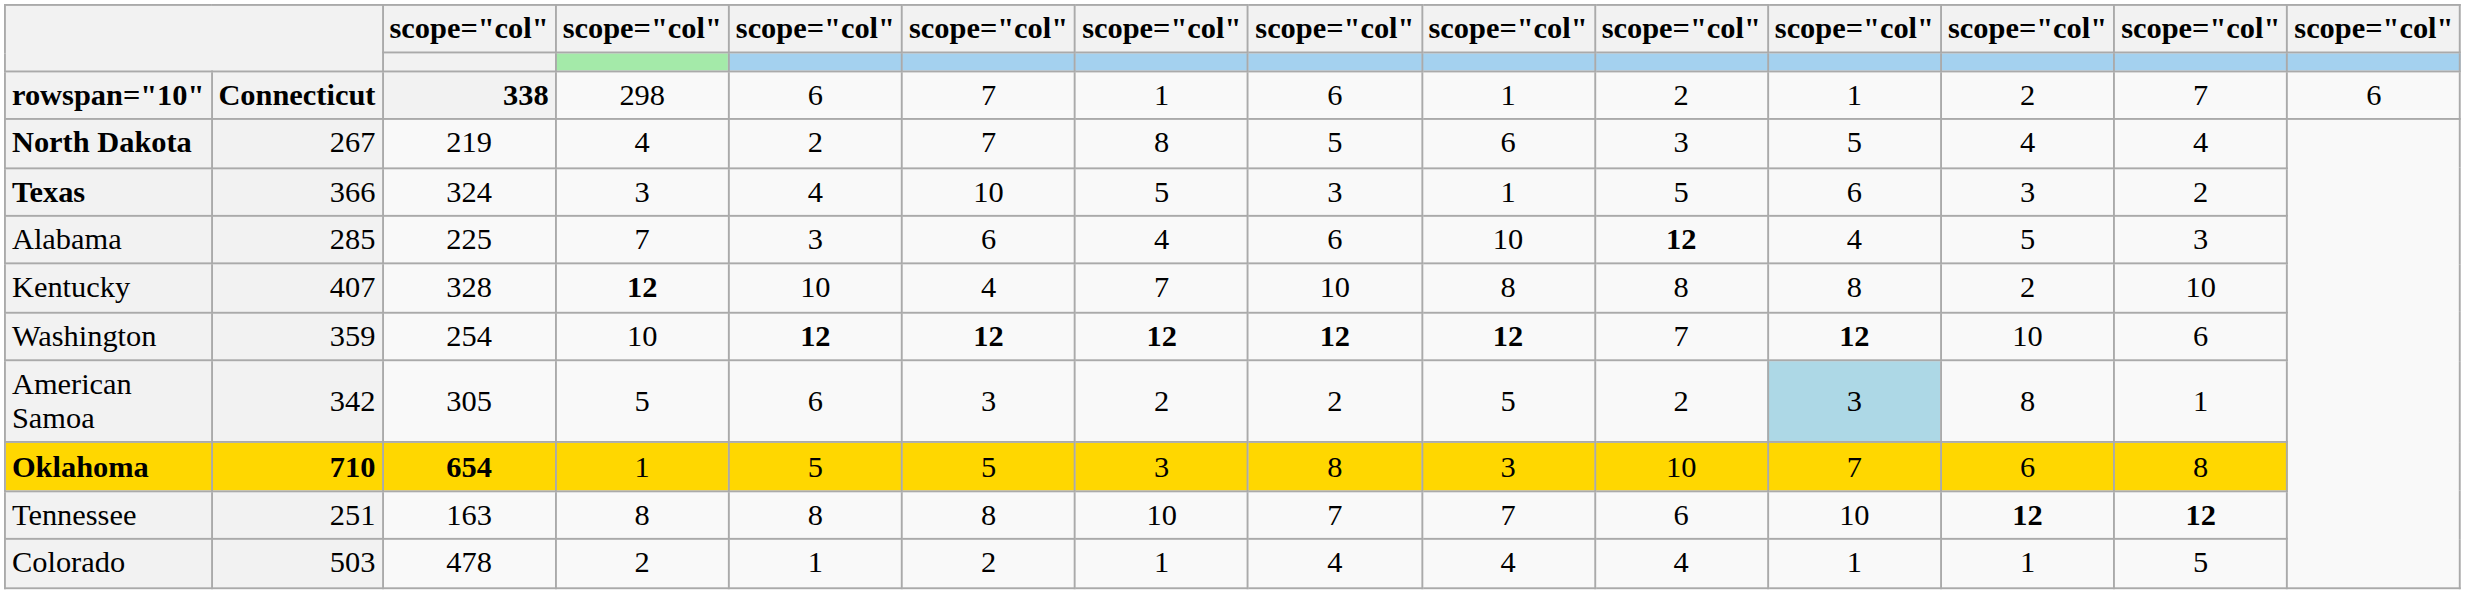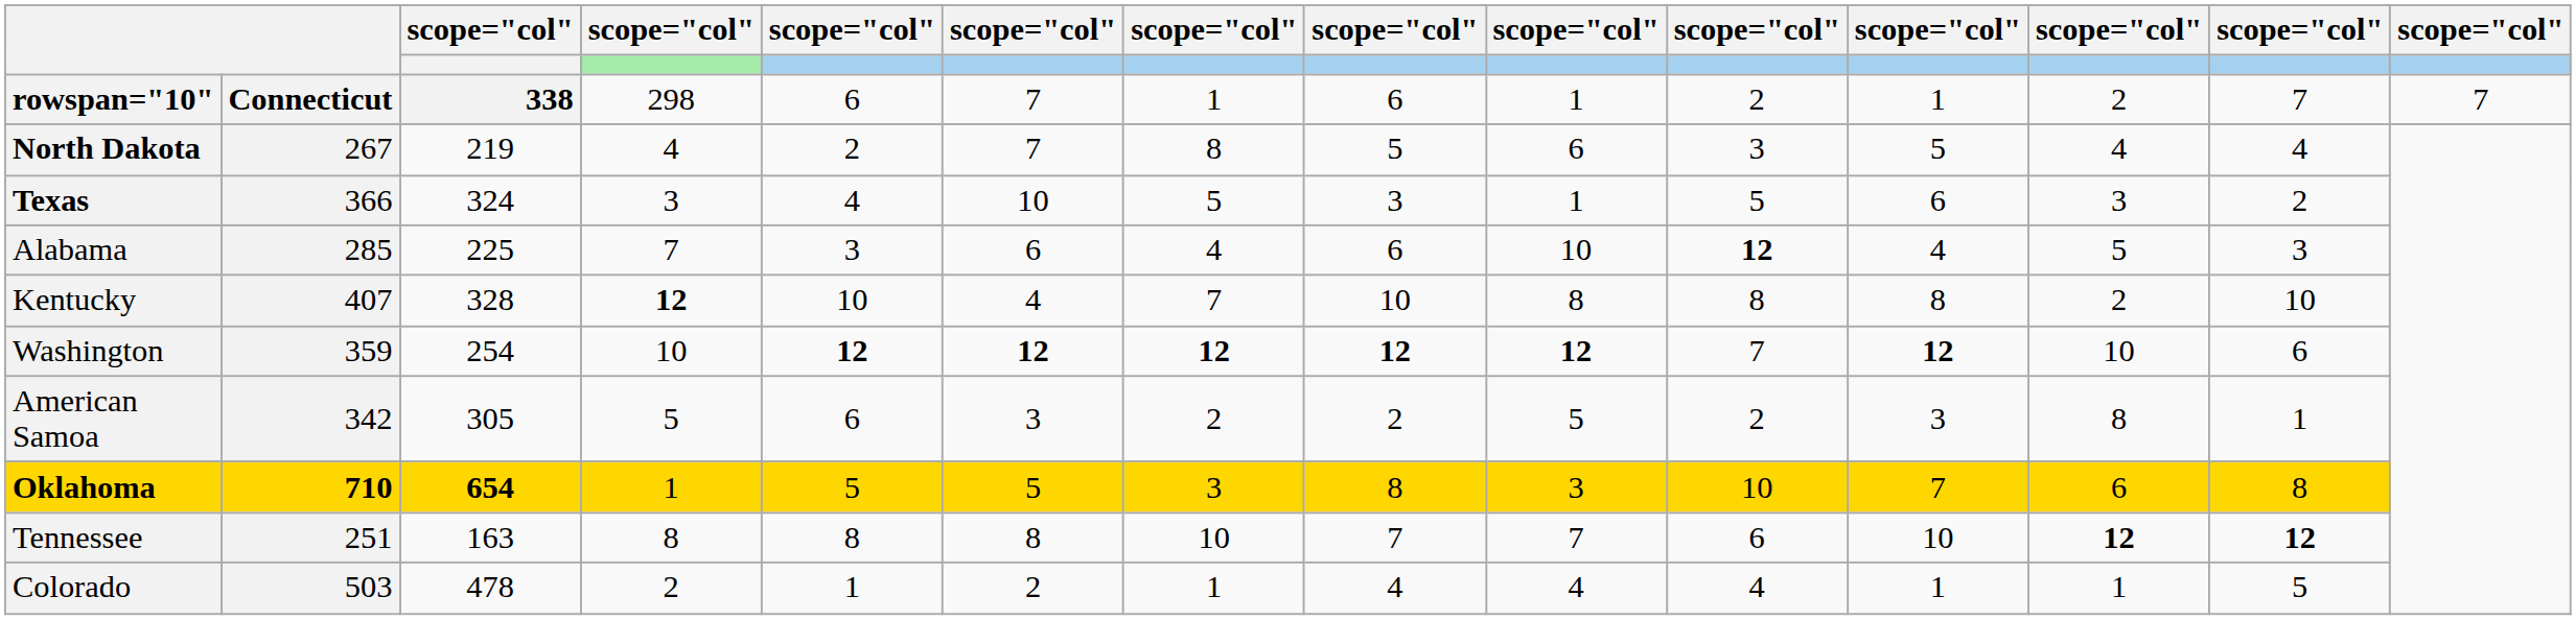 <table class="wikitable plainrowheaders" style="text-align:center;">
 <tr>
 <td colspan="2" rowspan="2" style="text-align:left; background:#F2F2F2"></td>
 <th>scope="col" </th>
 <th>scope="col" </th>
 <th>scope="col" </th>
 <th>scope="col" </th>
 <th>scope="col" </th>
 <th>scope="col" </th>
 <th>scope="col" </th>
 <th>scope="col" </th>
 <th>scope="col" </th>
 <th>scope="col" </th>
 <th>scope="col" </th>
 <th>scope="col" </th>
 </tr>
 <tr>
 <th style="height:2px; border-top:1px solid transparent;"></th>
 <th style="background:#A4EAA9;"></th>
 <th style="background:#A4D1EF;"></th>
 <th style="background:#A4D1EF;"></th>
 <th style="background:#A4D1EF;"></th>
 <th style="background:#A4D1EF;"></th>
 <th style="background:#A4D1EF;"></th>
 <th style="background:#A4D1EF;"></th>
 <th style="background:#A4D1EF;"></th>
 <th style="background:#A4D1EF;"></th>
 <th style="background:#A4D1EF;"></th>
 <th style="background:#A4D1EF;"></th>
 </tr>
 <tr>
 <th>rowspan="10" </th>
 <th scope="row" style="text-align:left; background:#f2f2f2;">Connecticut</th>
 <td style="text-align:right; background:#f2f2f2;"><strong>338</strong></td>
 <td>298</td>
 <td>6</td>
 <td>7</td>
 <td>1</td>
 <td>6</td>
 <td>1</td>
 <td>2</td>
 <td>1</td>
 <td>2</td>
 <td>7</td>
-<td>6</td>
+<td>7</td>
 </tr>
 <tr>
 <th scope="row" style="text-align:left; background:#f2f2f2;">North Dakota</th>
 <td style="text-align:right; background:#f2f2f2;">267</td>
 <td>219</td>
 <td>4</td>
 <td>2</td>
 <td>7</td>
 <td>8</td>
 <td>5</td>
 <td>6</td>
 <td>3</td>
 <td>5</td>
 <td>4</td>
 <td>4</td>
 </tr>
 <tr>
 <th scope="row" style="text-align:left; background:#f2f2f2;">Texas</th>
 <td style="text-align:right; background:#f2f2f2;">366</td>
 <td>324</td>
 <td>3</td>
 <td>4</td>
 <td>10</td>
 <td>5</td>
 <td>3</td>
 <td>1</td>
 <td>5</td>
 <td>6</td>
 <td>3</td>
 <td>2</td>
 </tr>
 <tr>
 <td scope="row" style="text-align:left; ; background:#f2f2f2;">Alabama</td>
 <td style="text-align:right; background:#f2f2f2;">285</td>
 <td>225</td>
 <td>7</td>
 <td>3</td>
 <td>6</td>
 <td>4</td>
 <td>6</td>
 <td>10</td>
 <td><strong>12</strong></td>
 <td>4</td>
 <td>5</td>
 <td>3</td>
 </tr>
 <tr>
 <td scope="row" style="text-align:left; ; background:#f2f2f2;">Kentucky</td>
 <td style="text-align:right; background:#f2f2f2;">407</td>
 <td>328</td>
 <td><strong>12</strong></td>
 <td>10</td>
 <td>4</td>
 <td>7</td>
 <td>10</td>
 <td>8</td>
 <td>8</td>
 <td>8</td>
 <td>2</td>
 <td>10</td>
 </tr>
 <tr>
 <td scope="row" style="text-align:left; ; background:#f2f2f2;">Washington</td>
 <td style="text-align:right; background:#f2f2f2;">359</td>
 <td>254</td>
 <td>10</td>
 <td><strong>12</strong></td>
 <td><strong>12</strong></td>
 <td><strong>12</strong></td>
 <td><strong>12</strong></td>
 <td><strong>12</strong></td>
 <td>7</td>
 <td><strong>12</strong></td>
 <td>10</td>
 <td>6</td>
 </tr>
 <tr>
 <td scope="row" style="text-align:left; ; background:#f2f2f2;">American Samoa</td>
 <td style="text-align:right; background:#f2f2f2;">342</td>
 <td>305</td>
 <td>5</td>
 <td>6</td>
 <td>3</td>
 <td>2</td>
 <td>2</td>
 <td>5</td>
 <td>2</td>
-<td style="background: lightblue;">3</td>
+<td>3</td>
 <td>8</td>
 <td>1</td>
 </tr>
 <tr bgcolor=gold>
 <td scope="row" style="text-align:left; ; background:gold;"><strong>Oklahoma</strong></td>
 <td style="text-align:right; background:gold;"><strong>710</strong></td>
 <td><strong>654</strong></td>
 <td>1</td>
 <td>5</td>
 <td>5</td>
 <td>3</td>
 <td>8</td>
 <td>3</td>
 <td>10</td>
 <td>7</td>
 <td>6</td>
 <td>8</td>
 </tr>
 <tr>
 <td scope="row" style="text-align:left; ; background:#f2f2f2;">Tennessee</td>
 <td style="text-align:right; background:#f2f2f2;">251</td>
 <td>163</td>
 <td>8</td>
 <td>8</td>
 <td>8</td>
 <td>10</td>
 <td>7</td>
 <td>7</td>
 <td>6</td>
 <td>10</td>
 <td><strong>12</strong></td>
 <td><strong>12</strong></td>
 </tr>
 <tr>
 <td scope="row" style="text-align:left; ; background:#f2f2f2;">Colorado</td>
 <td style="text-align:right; background:#f2f2f2;">503</td>
 <td>478</td>
 <td>2</td>
 <td>1</td>
 <td>2</td>
 <td>1</td>
 <td>4</td>
 <td>4</td>
 <td>4</td>
 <td>1</td>
 <td>1</td>
 <td>5</td>
 </tr>
 </table>
